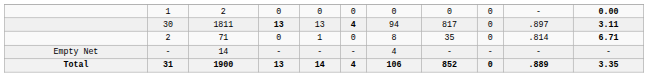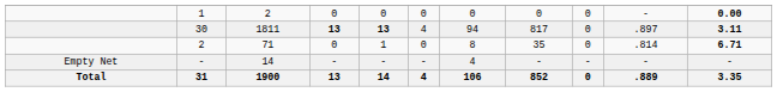 <table class="wikitable sortable" width ="1000">
 <tr align="center">
 </tr>
 <tr align="center" bgcolor="">
 <td></td>
 <td>1</td>
 <td>2</td>
 <td>0</td>
 <td>0</td>
 <td>0</td>
 <td>0</td>
 <td>0</td>
 <td>0</td>
 <td>-</td>
 <td><strong>0.00</strong></td>
 </tr>
 <tr align="center" bgcolor="f0f0f0">
 <td></td>
 <td>30</td>
 <td>1811</td>
 <td><strong>13</strong></td>
-<td>13</td>
-<td><strong>4</strong></td>
+<td><strong>13</strong></td>
+<td>4</td>
 <td>94</td>
 <td>817</td>
 <td>0</td>
 <td>.897</td>
 <td><strong>3.11</strong></td>
 </tr>
 <tr align="center" bgcolor="">
 <td></td>
 <td>2</td>
 <td>71</td>
 <td>0</td>
 <td>1</td>
 <td>0</td>
 <td>8</td>
 <td>35</td>
 <td>0</td>
 <td>.814</td>
 <td><strong>6.71</strong></td>
 </tr>
 <tr align="center" bgcolor="f0f0f0">
 <td>Empty Net</td>
 <td>-</td>
 <td>14</td>
 <td>-</td>
 <td>-</td>
 <td>-</td>
 <td>4</td>
 <td>-</td>
 <td>-</td>
 <td>-</td>
 <td>-</td>
 </tr>
 <tr>
 <th>Total</th>
 <th>31</th>
 <th>1900</th>
 <th>13</th>
 <th>14</th>
 <th>4</th>
 <th>106</th>
 <th>852</th>
 <th>0</th>
 <th>.889</th>
 <th>3.35</th>
 </tr>
 </table>
